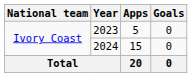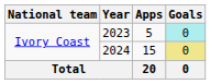 <table class="wikitable" style="text-align:center">
 <tr>
 <th>National team</th>
 <th>Year</th>
 <th>Apps</th>
 <th>Goals</th>
 </tr>
 <tr>
 <td rowspan="2"><a href='#'>Ivory Coast</a></td>
 <td>2023</td>
 <td>5</td>
-<td>0</td>
+<td style="background: paleturquoise;">0</td>
 </tr>
 <tr>
 <td>2024</td>
 <td>15</td>
-<td>0</td>
+<td style="background: khaki;">0</td>
 </tr>
 <tr>
 <th colspan="2">Total</th>
 <th>20</th>
 <th>0</th>
 </tr>
 </table>
